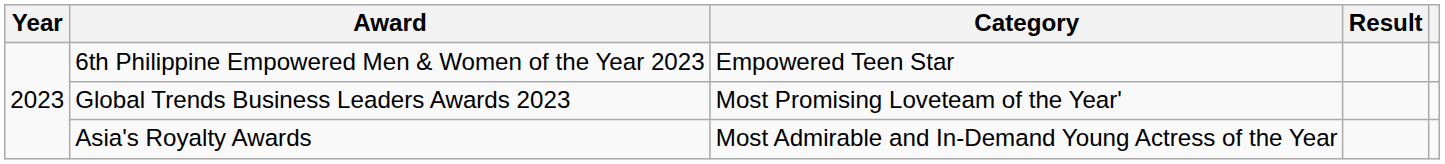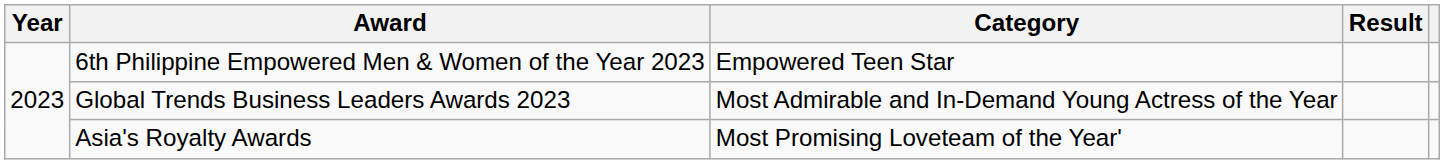 <table class="wikitable">
 <tr>
 <th>Year</th>
 <th>Award</th>
 <th>Category</th>
 <th>Result</th>
 <th></th>
 </tr>
 <tr>
 <td rowspan="3">2023</td>
 <td>6th Philippine Empowered Men & Women of the Year 2023</td>
 <td>Empowered Teen Star</td>
 <td></td>
 <td></td>
 </tr>
 <tr>
 <td>Global Trends Business Leaders Awards 2023</td>
-<td>Most Promising Loveteam of the Year'</td>
+<td>Most Admirable and In-Demand Young Actress of the Year</td>
 <td></td>
 <td></td>
 </tr>
 <tr>
 <td>Asia's Royalty Awards</td>
-<td>Most Admirable and In-Demand Young Actress of the Year</td>
+<td>Most Promising Loveteam of the Year'</td>
 <td></td>
 <td></td>
 </tr>
 </table>
